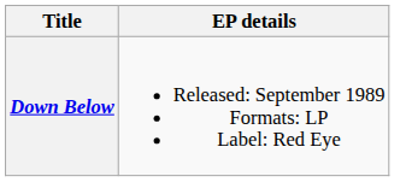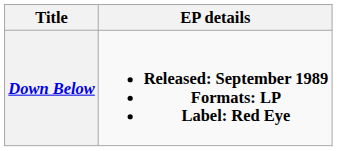 <table class="wikitable plainrowheaders" style="text-align:center;">
 <tr>
 <th scope="col">Title</th>
 <th scope="col">EP details</th>
 </tr>
 <tr>
 <th scope="row"><em><a href='#'>Down Below</a></em></th>
-<td><br><ul><li>Released: September 1989</li><li>Formats: LP</li><li>Label: Red Eye</li></ul></td>
+<td><strong><br><ul><li>Released: September 1989</li><li>Formats: LP</li><li>Label: Red Eye</li></ul></strong></td>
 </tr>
 </table>
